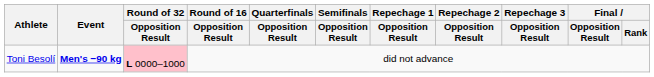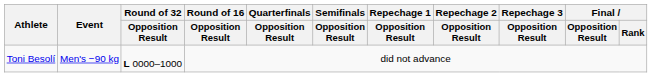 <table class="wikitable" style="font-size:90%">
 <tr>
 <th rowspan="2">Athlete</th>
 <th rowspan="2">Event</th>
 <th>Round of 32</th>
 <th>Round of 16</th>
 <th>Quarterfinals</th>
 <th>Semifinals</th>
 <th>Repechage 1</th>
 <th>Repechage 2</th>
 <th>Repechage 3</th>
 <th colspan=2>Final / </th>
 </tr>
 <tr style="font-size:95%">
 <th>Opposition<br>Result</th>
 <th>Opposition<br>Result</th>
 <th>Opposition<br>Result</th>
 <th>Opposition<br>Result</th>
 <th>Opposition<br>Result</th>
 <th>Opposition<br>Result</th>
 <th>Opposition<br>Result</th>
 <th>Opposition<br>Result</th>
 <th>Rank</th>
 </tr>
 <tr align=center>
 <td align=left><a href='#'>Toni Besolí</a></td>
-<td align=left><strong><a href='#'>Men's −90 kg</a></strong></td>
-<td style="background: pink;"><br><strong>L</strong> 0000–1000</td>
+<td align=left><a href='#'>Men's −90 kg</a></td>
+<td><br><strong>L</strong> 0000–1000</td>
 <td colspan=8>did not advance</td>
 </tr>
 </table>
